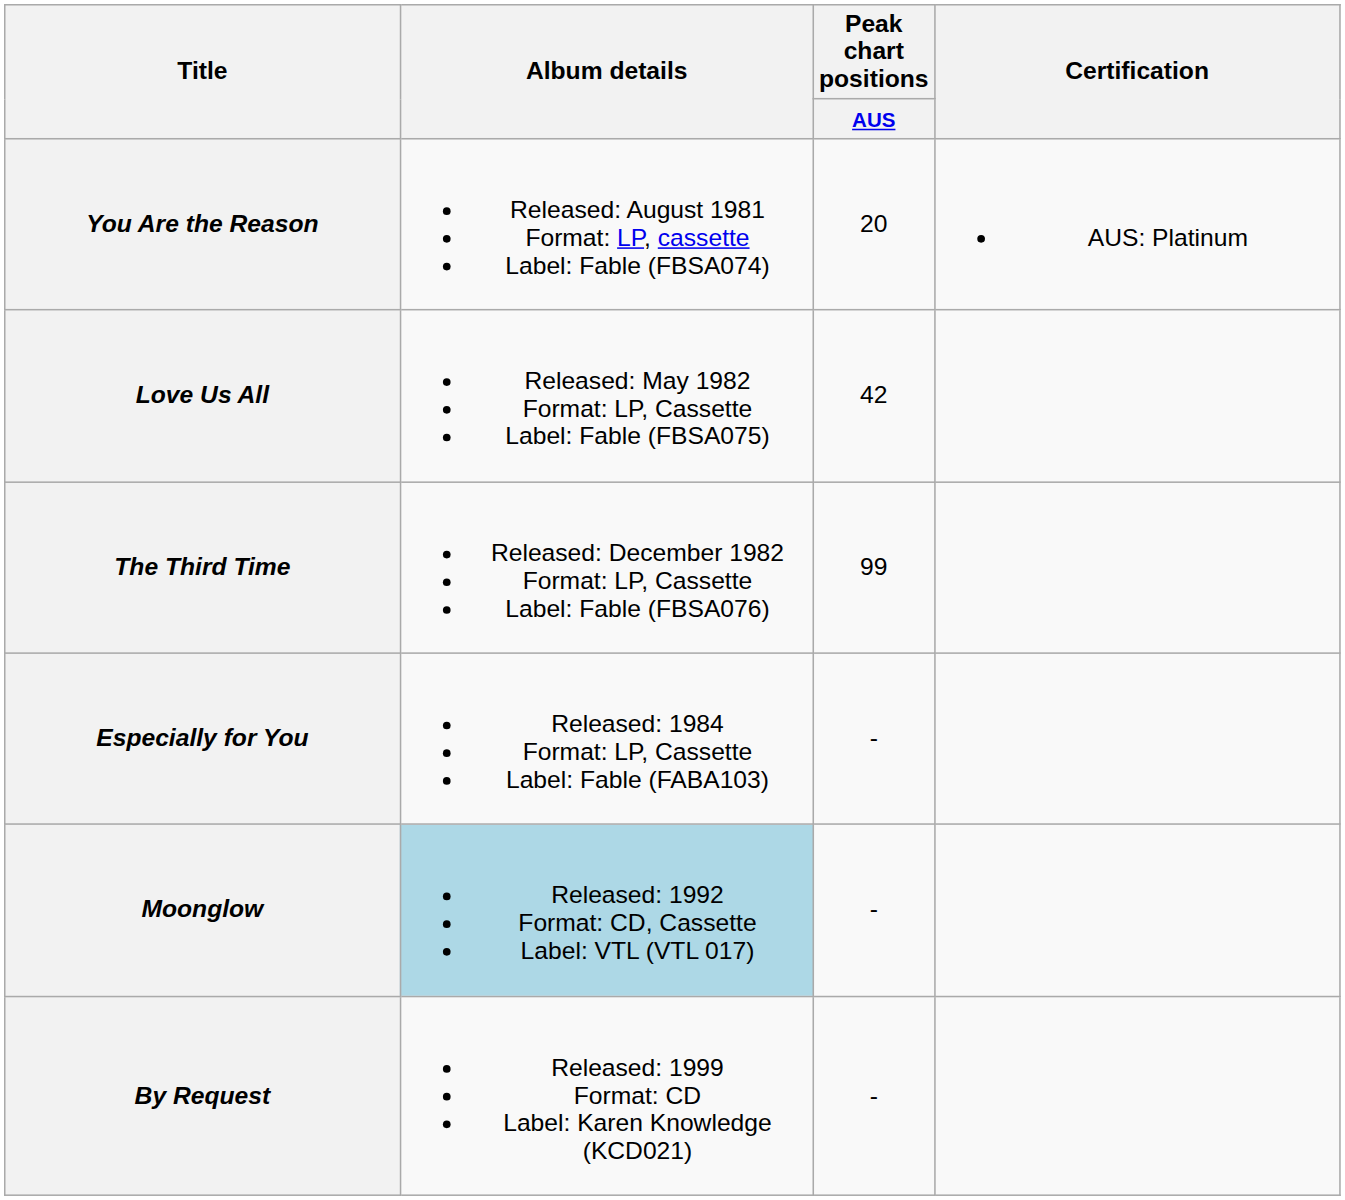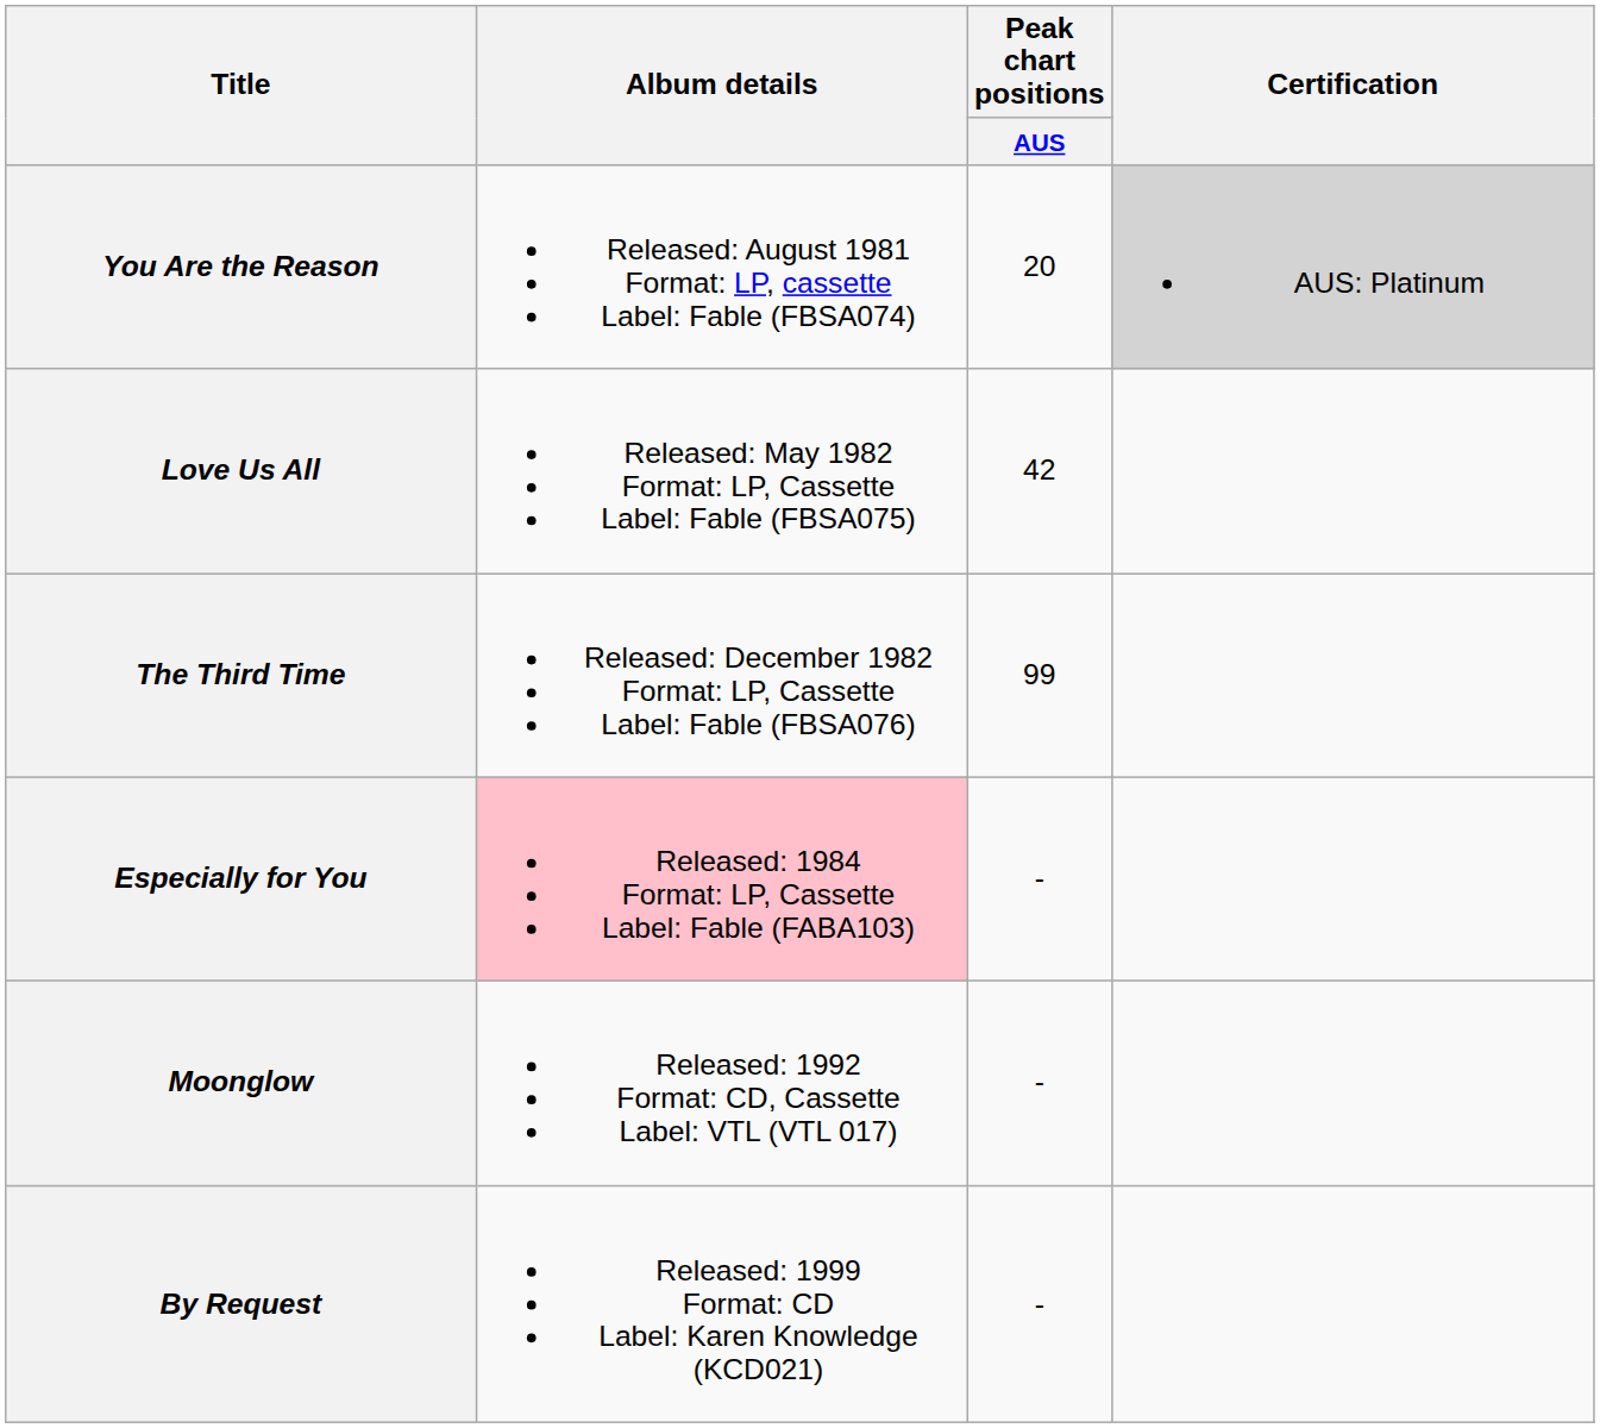 <table class="wikitable plainrowheaders" style="text-align:center;" border="1">
 <tr>
 <th scope="col" rowspan="2" style="width:20em;">Title</th>
 <th scope="col" rowspan="2" style="width:20em;">Album details</th>
 <th scope="col" colspan="1">Peak chart<br>positions</th>
 <th scope="col" rowspan="2" style="width:20em;">Certification</th>
 </tr>
 <tr>
 <th scope="col" style="text-align:center;"><small><a href='#'>AUS</a></small><br></th>
 </tr>
 <tr>
 <th scope="row"><em>You Are the Reason</em></th>
 <td><br><ul><li>Released: August 1981</li><li>Format: <a href='#'>LP</a>, <a href='#'>cassette</a></li><li>Label: Fable (FBSA074)</li></ul></td>
 <td align="center">20</td>
-<td><br><ul><li>AUS: Platinum</li></ul></td>
+<td style="background: lightgrey;"><br><ul><li>AUS: Platinum</li></ul></td>
 </tr>
 <tr>
 <th scope="row"><em>Love Us All</em></th>
 <td><br><ul><li>Released: May 1982</li><li>Format: LP, Cassette</li><li>Label: Fable (FBSA075)</li></ul></td>
 <td align="center">42</td>
 <td></td>
 </tr>
 <tr>
 <th scope="row"><em>The Third Time</em></th>
 <td><br><ul><li>Released: December 1982</li><li>Format: LP, Cassette</li><li>Label: Fable (FBSA076)</li></ul></td>
 <td align="center">99</td>
 <td></td>
 </tr>
 <tr>
 <th scope="row"><em>Especially for You</em></th>
-<td><br><ul><li>Released: 1984</li><li>Format: LP, Cassette</li><li>Label: Fable (FABA103)</li></ul></td>
+<td style="background: pink;"><br><ul><li>Released: 1984</li><li>Format: LP, Cassette</li><li>Label: Fable (FABA103)</li></ul></td>
 <td align="center">-</td>
 <td></td>
 </tr>
 <tr>
 <th scope="row"><em>Moonglow</em></th>
-<td style="background: lightblue;"><br><ul><li>Released: 1992</li><li>Format: CD, Cassette</li><li>Label: VTL (VTL 017)</li></ul></td>
+<td><br><ul><li>Released: 1992</li><li>Format: CD, Cassette</li><li>Label: VTL (VTL 017)</li></ul></td>
 <td align="center">-</td>
 <td></td>
 </tr>
 <tr>
 <th scope="row"><em>By Request</em></th>
 <td><br><ul><li>Released: 1999</li><li>Format: CD</li><li>Label: Karen Knowledge (KCD021)</li></ul></td>
 <td align="center">-</td>
 <td></td>
 </tr>
 </table>
